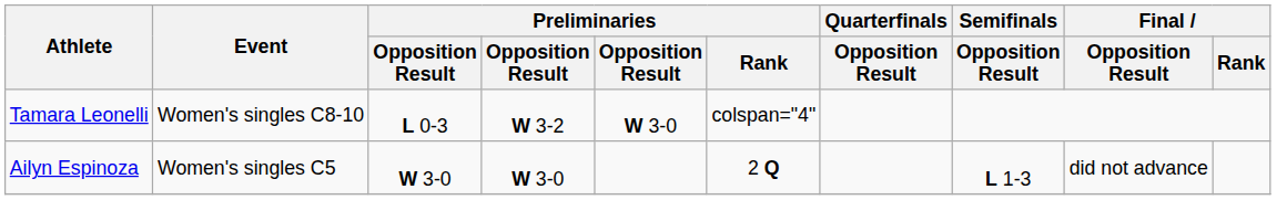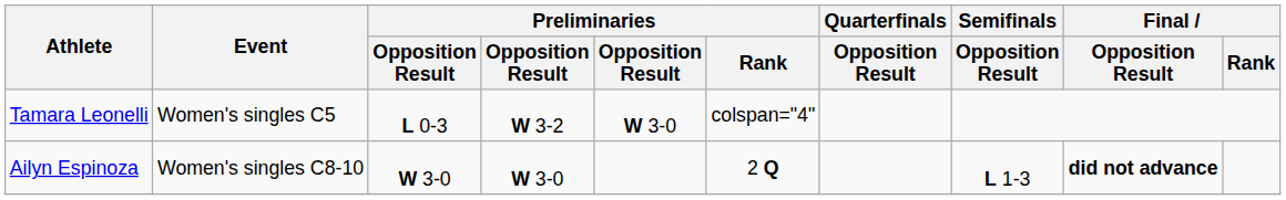 <table class=wikitable style="font-size:90%">
 <tr>
 <th rowspan="2">Athlete</th>
 <th rowspan="2">Event</th>
 <th colspan="4">Preliminaries</th>
 <th>Quarterfinals</th>
 <th>Semifinals</th>
 <th colspan="2">Final / </th>
 </tr>
 <tr>
 <th>Opposition<br>Result</th>
 <th>Opposition<br>Result</th>
 <th>Opposition<br>Result</th>
 <th>Rank</th>
 <th>Opposition<br>Result</th>
 <th>Opposition<br>Result</th>
 <th>Opposition<br>Result</th>
 <th>Rank</th>
 </tr>
 <tr>
 <td><a href='#'>Tamara Leonelli</a></td>
-<td>Women's singles C8-10</td>
+<td>Women's singles C5</td>
 <td align="center"><br><strong>L</strong> 0-3</td>
 <td align="center"><br><strong>W</strong> 3-2</td>
 <td align="center"><br><strong>W</strong> 3-0</td>
 <td>colspan="4" </td>
 <td align="center"></td>
 </tr>
 <tr>
 <td><a href='#'>Ailyn Espinoza</a></td>
-<td>Women's singles C5</td>
+<td>Women's singles C8-10</td>
 <td align="center"><br><strong>W</strong> 3-0</td>
 <td align="center"><br><strong>W</strong> 3-0</td>
 <td></td>
 <td align="center">2 <strong>Q</strong></td>
 <td></td>
 <td align="center"><br><strong>L</strong> 1-3</td>
-<td align="center">did not advance</td>
+<td align="center"><strong>did not advance</strong></td>
 <td align="center"></td>
 </tr>
 <tr>
 </tr>
 </table>
